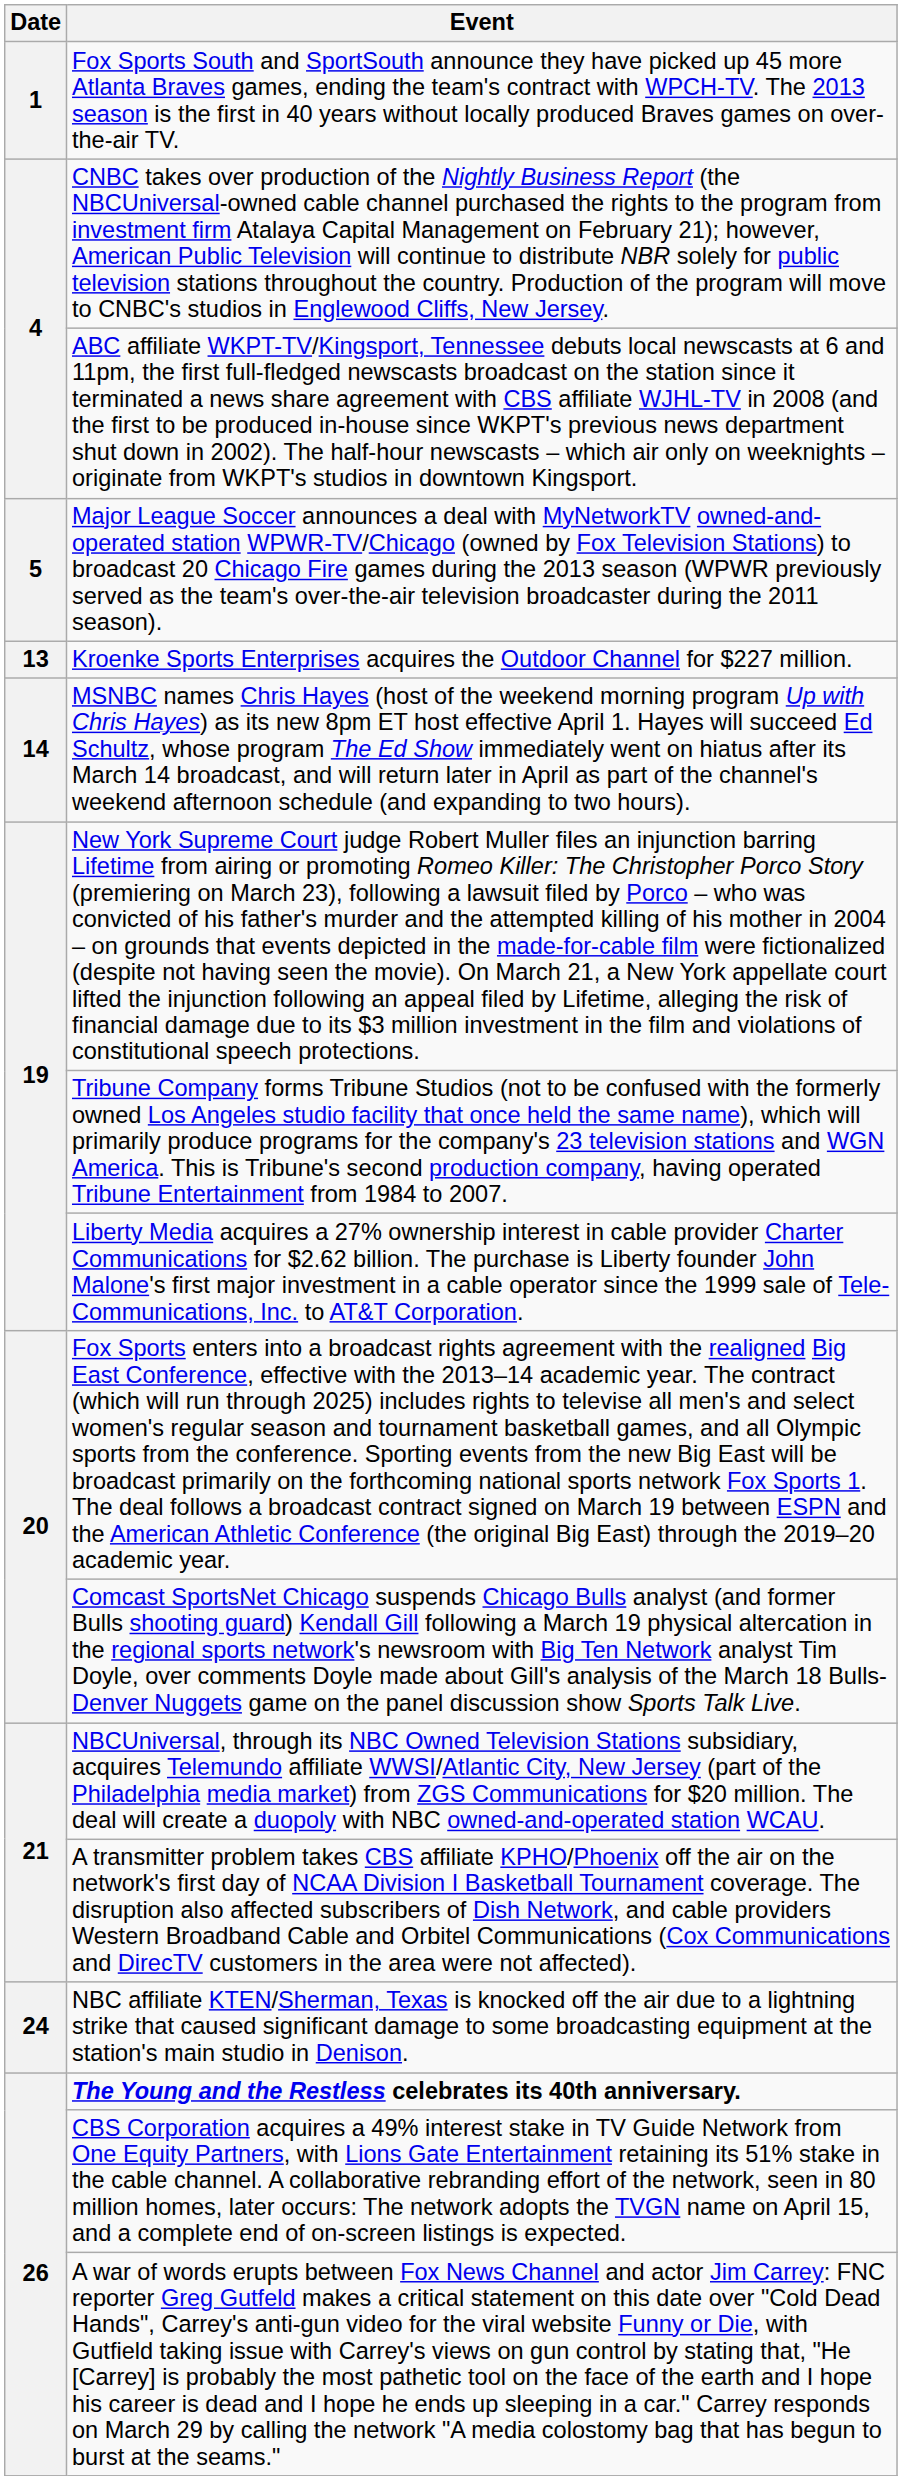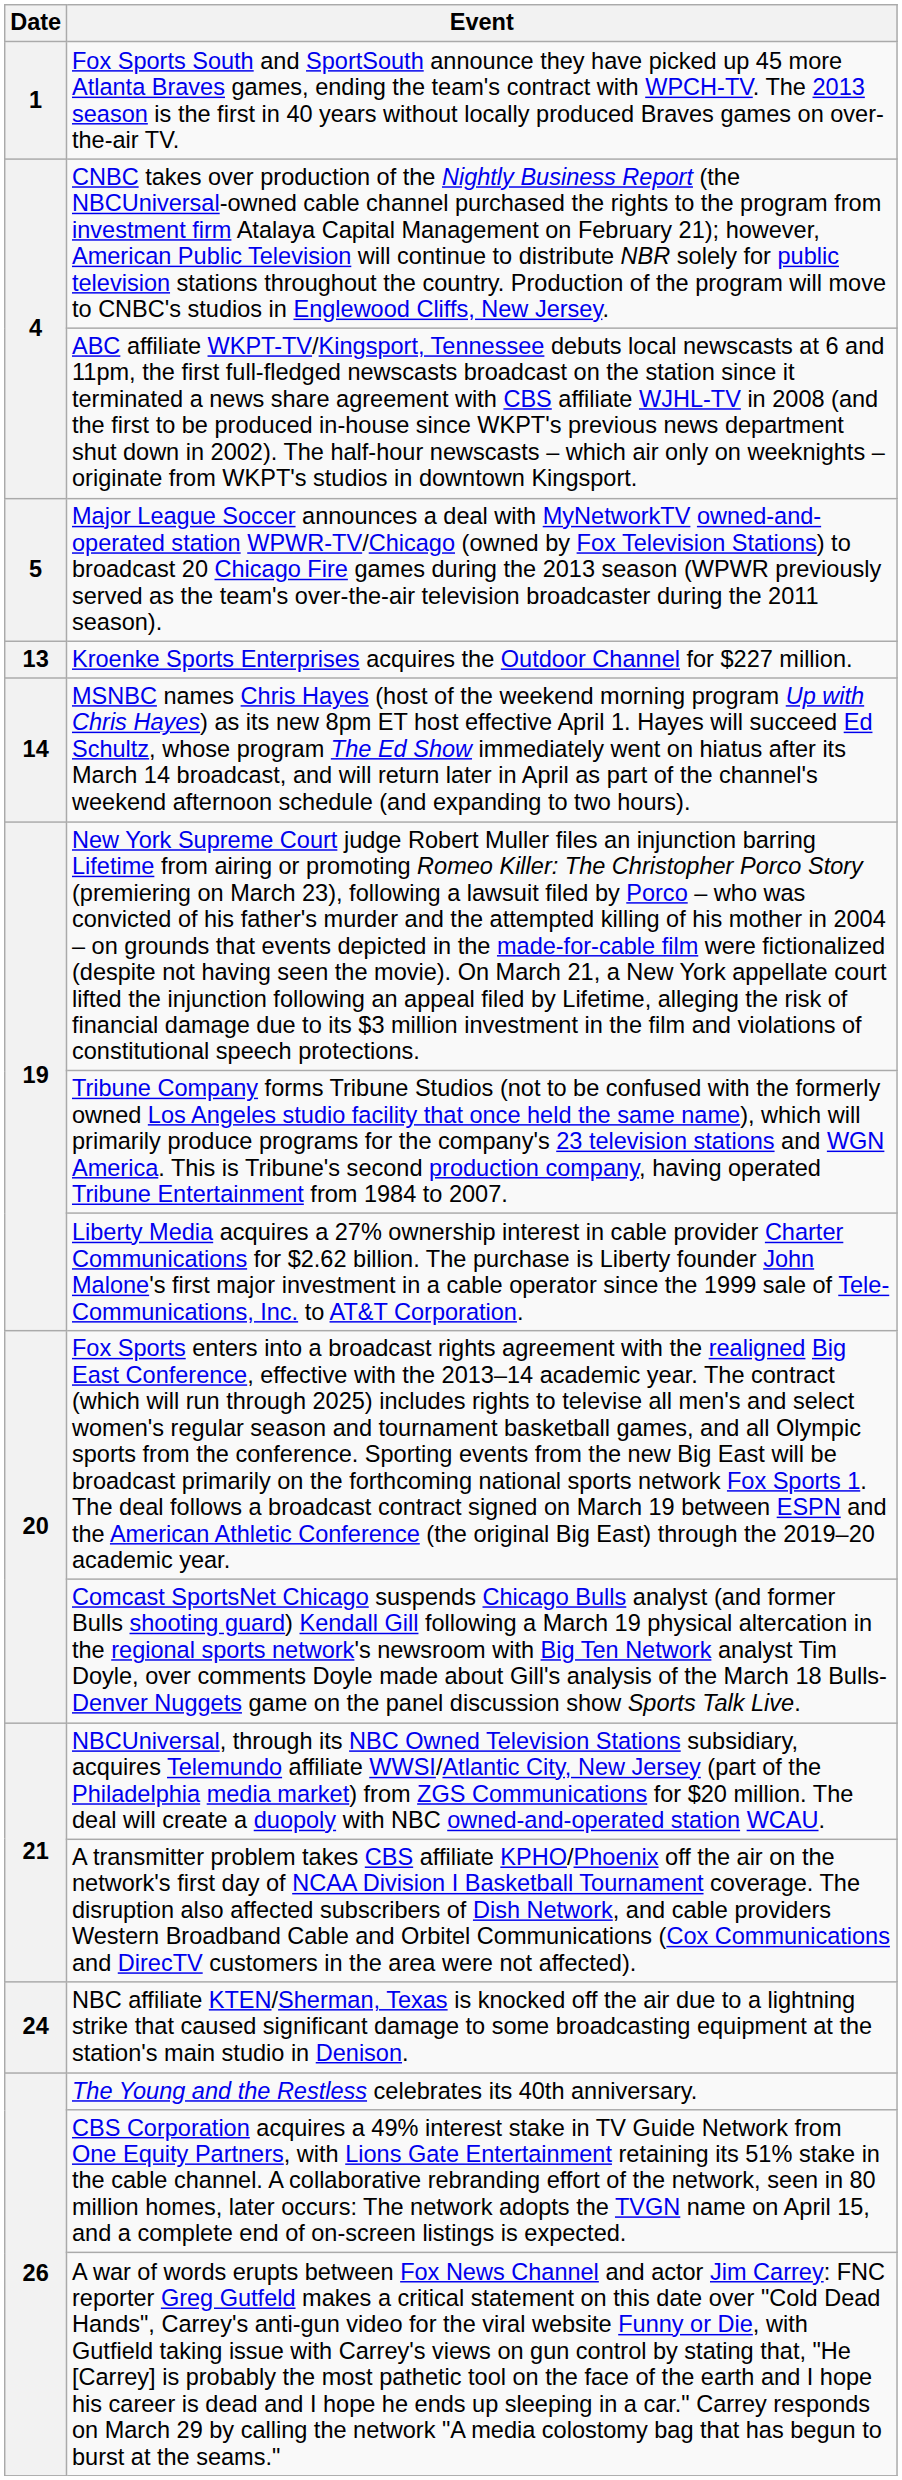 <table class="wikitable">
 <tr>
 <th>Date</th>
 <th>Event</th>
 </tr>
 <tr>
 <th>1</th>
 <td><a href='#'>Fox Sports South</a> and <a href='#'>SportSouth</a> announce they have picked up 45 more <a href='#'>Atlanta Braves</a> games, ending the team's contract with <a href='#'>WPCH-TV</a>. The <a href='#'>2013 season</a> is the first in 40 years without locally produced Braves games on over-the-air TV.</td>
 </tr>
 <tr>
 <th rowspan="2">4</th>
 <td><a href='#'>CNBC</a> takes over production of the <em><a href='#'>Nightly Business Report</a></em> (the <a href='#'>NBCUniversal</a>-owned cable channel purchased the rights to the program from <a href='#'>investment firm</a> Atalaya Capital Management on February 21); however, <a href='#'>American Public Television</a> will continue to distribute <em>NBR</em> solely for <a href='#'>public television</a> stations throughout the country. Production of the program will move to CNBC's studios in <a href='#'>Englewood Cliffs, New Jersey</a>.</td>
 </tr>
 <tr>
 <td><a href='#'>ABC</a> affiliate <a href='#'>WKPT-TV</a>/<a href='#'>Kingsport, Tennessee</a> debuts local newscasts at 6 and 11pm, the first full-fledged newscasts broadcast on the station since it terminated a news share agreement with <a href='#'>CBS</a> affiliate <a href='#'>WJHL-TV</a> in 2008 (and the first to be produced in-house since WKPT's previous news department shut down in 2002). The half-hour newscasts – which air only on weeknights – originate from WKPT's studios in downtown Kingsport.</td>
 </tr>
 <tr>
 <th>5</th>
 <td><a href='#'>Major League Soccer</a> announces a deal with <a href='#'>MyNetworkTV</a> <a href='#'>owned-and-operated station</a> <a href='#'>WPWR-TV</a>/<a href='#'>Chicago</a> (owned by <a href='#'>Fox Television Stations</a>) to broadcast 20 <a href='#'>Chicago Fire</a> games during the 2013 season (WPWR previously served as the team's over-the-air television broadcaster during the 2011 season).</td>
 </tr>
 <tr>
 <th>13</th>
 <td><a href='#'>Kroenke Sports Enterprises</a> acquires the <a href='#'>Outdoor Channel</a> for $227 million.</td>
 </tr>
 <tr>
 <th>14</th>
 <td><a href='#'>MSNBC</a> names <a href='#'>Chris Hayes</a> (host of the weekend morning program <em><a href='#'>Up with Chris Hayes</a></em>) as its new 8pm ET host effective April 1. Hayes will succeed <a href='#'>Ed Schultz</a>, whose program <em><a href='#'>The Ed Show</a></em> immediately went on hiatus after its March 14 broadcast, and will return later in April as part of the channel's weekend afternoon schedule (and expanding to two hours).</td>
 </tr>
 <tr>
 <th rowspan="3">19</th>
 <td><a href='#'>New York Supreme Court</a> judge Robert Muller files an injunction barring <a href='#'>Lifetime</a> from airing or promoting <em>Romeo Killer: The Christopher Porco Story</em> (premiering on March 23), following a lawsuit filed by <a href='#'>Porco</a> – who was convicted of his father's murder and the attempted killing of his mother in 2004 – on grounds that events depicted in the <a href='#'>made-for-cable film</a> were fictionalized (despite not having seen the movie). On March 21, a New York appellate court lifted the injunction following an appeal filed by Lifetime, alleging the risk of financial damage due to its $3 million investment in the film and violations of constitutional speech protections.</td>
 </tr>
 <tr>
 <td><a href='#'>Tribune Company</a> forms Tribune Studios (not to be confused with the formerly owned <a href='#'>Los Angeles studio facility that once held the same name</a>), which will primarily produce programs for the company's <a href='#'>23 television stations</a> and <a href='#'>WGN America</a>. This is Tribune's second <a href='#'>production company</a>, having operated <a href='#'>Tribune Entertainment</a> from 1984 to 2007.</td>
 </tr>
 <tr>
 <td><a href='#'>Liberty Media</a> acquires a 27% ownership interest in cable provider <a href='#'>Charter Communications</a> for $2.62 billion. The purchase is Liberty founder <a href='#'>John Malone</a>'s first major investment in a cable operator since the 1999 sale of <a href='#'>Tele-Communications, Inc.</a> to <a href='#'>AT&T Corporation</a>.</td>
 </tr>
 <tr>
 <th rowspan="2">20</th>
 <td><a href='#'>Fox Sports</a> enters into a broadcast rights agreement with the <a href='#'>realigned</a> <a href='#'>Big East Conference</a>, effective with the 2013–14 academic year. The contract (which will run through 2025) includes rights to televise all men's and select women's regular season and tournament basketball games, and all Olympic sports from the conference. Sporting events from the new Big East will be broadcast primarily on the forthcoming national sports network <a href='#'>Fox Sports 1</a>. The deal follows a broadcast contract signed on March 19 between <a href='#'>ESPN</a> and the <a href='#'>American Athletic Conference</a> (the original Big East) through the 2019–20 academic year.</td>
 </tr>
 <tr>
 <td><a href='#'>Comcast SportsNet Chicago</a> suspends <a href='#'>Chicago Bulls</a> analyst (and former Bulls <a href='#'>shooting guard</a>) <a href='#'>Kendall Gill</a> following a March 19 physical altercation in the <a href='#'>regional sports network</a>'s newsroom with <a href='#'>Big Ten Network</a> analyst Tim Doyle, over comments Doyle made about Gill's analysis of the March 18 Bulls-<a href='#'>Denver Nuggets</a> game on the panel discussion show <em>Sports Talk Live</em>.</td>
 </tr>
 <tr>
 <th rowspan="2">21</th>
 <td><a href='#'>NBCUniversal</a>, through its <a href='#'>NBC Owned Television Stations</a> subsidiary, acquires <a href='#'>Telemundo</a> affiliate <a href='#'>WWSI</a>/<a href='#'>Atlantic City, New Jersey</a> (part of the <a href='#'>Philadelphia</a> <a href='#'>media market</a>) from <a href='#'>ZGS Communications</a> for $20 million. The deal will create a <a href='#'>duopoly</a> with NBC <a href='#'>owned-and-operated station</a> <a href='#'>WCAU</a>.</td>
 </tr>
 <tr>
 <td>A transmitter problem takes <a href='#'>CBS</a> affiliate <a href='#'>KPHO</a>/<a href='#'>Phoenix</a> off the air on the network's first day of <a href='#'>NCAA Division I Basketball Tournament</a> coverage. The disruption also affected subscribers of <a href='#'>Dish Network</a>, and cable providers Western Broadband Cable and Orbitel Communications (<a href='#'>Cox Communications</a> and <a href='#'>DirecTV</a> customers in the area were not affected).</td>
 </tr>
 <tr>
 <th>24</th>
 <td>NBC affiliate <a href='#'>KTEN</a>/<a href='#'>Sherman, Texas</a> is knocked off the air due to a lightning strike that caused significant damage to some broadcasting equipment at the station's main studio in <a href='#'>Denison</a>.</td>
 </tr>
 <tr>
 <th rowspan="3">26</th>
-<td><strong><em><a href='#'>The Young and the Restless</a></em> celebrates its 40th anniversary.</strong></td>
+<td><em><a href='#'>The Young and the Restless</a></em> celebrates its 40th anniversary.</td>
 </tr>
 <tr>
 <td><a href='#'>CBS Corporation</a> acquires a 49% interest stake in TV Guide Network from <a href='#'>One Equity Partners</a>, with <a href='#'>Lions Gate Entertainment</a> retaining its 51% stake in the cable channel. A collaborative rebranding effort of the network, seen in 80 million homes, later occurs: The network adopts the <a href='#'>TVGN</a> name on April 15, and a complete end of on-screen listings is expected.</td>
 </tr>
 <tr>
 <td>A war of words erupts between <a href='#'>Fox News Channel</a> and actor <a href='#'>Jim Carrey</a>: FNC reporter <a href='#'>Greg Gutfeld</a> makes a critical statement on this date over "Cold Dead Hands", Carrey's anti-gun video for the viral website <a href='#'>Funny or Die</a>, with Gutfield taking issue with Carrey's views on gun control by stating that, "He [Carrey] is probably the most pathetic tool on the face of the earth and I hope his career is dead and I hope he ends up sleeping in a car." Carrey responds on March 29 by calling the network "A media colostomy bag that has begun to burst at the seams."</td>
 </tr>
 </table>
